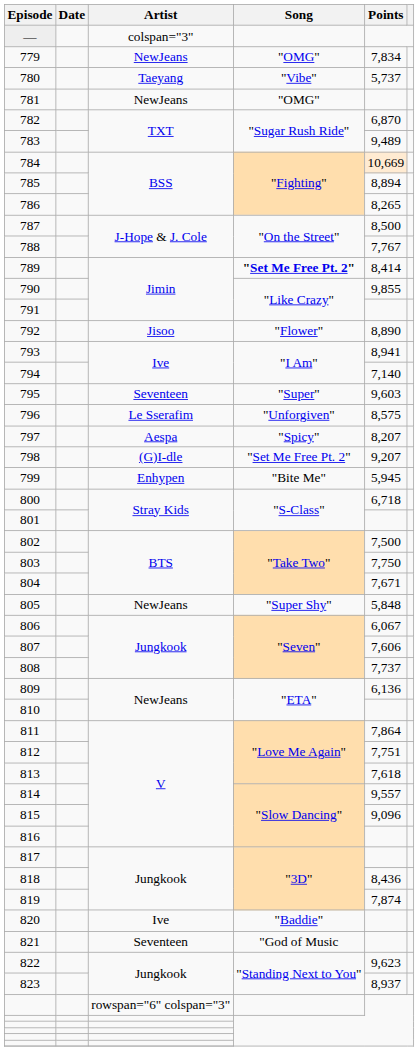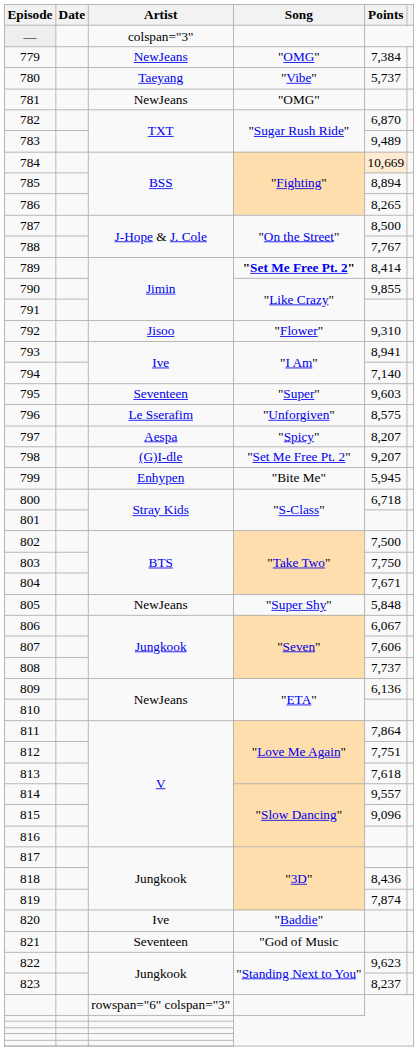 <table class="wikitable sortable plainrowheaders" style=text-align:center>
 <tr>
 <th scope="col">Episode</th>
 <th scope="col">Date</th>
 <th scope="col">Artist</th>
 <th scope="col">Song</th>
 <th scope="col">Points</th>
 <th class="unsortable"></th>
 </tr>
 <tr>
 <td style="background:#eee">—</td>
 <td></td>
 <td>colspan="3" </td>
 <td></td>
 </tr>
 <tr>
 <td>779</td>
 <td></td>
 <td><a href='#'>NewJeans</a></td>
 <td>"<a href='#'>OMG</a>"</td>
-<td>7,834</td>
+<td>7,384</td>
 <td></td>
 </tr>
 <tr>
 <td>780</td>
 <td></td>
 <td><a href='#'>Taeyang</a></td>
 <td>"<a href='#'>Vibe</a>"</td>
 <td>5,737</td>
 <td></td>
 </tr>
 <tr>
 <td>781</td>
 <td></td>
 <td>NewJeans</td>
 <td>"OMG"</td>
 <td></td>
 <td></td>
 </tr>
 <tr>
 <td>782</td>
 <td></td>
 <td rowspan="2"><a href='#'>TXT</a></td>
 <td rowspan="2">"<a href='#'>Sugar Rush Ride</a>"</td>
 <td>6,870</td>
 <td></td>
 </tr>
 <tr>
 <td>783</td>
 <td></td>
 <td>9,489</td>
 <td></td>
 </tr>
 <tr>
 <td>784</td>
 <td></td>
 <td rowspan="3"><a href='#'>BSS</a></td>
 <td rowspan="3" style="background:navajowhite">"<a href='#'>Fighting</a>"</td>
 <td style="background: #ffebd2;">10,669</td>
 <td></td>
 </tr>
 <tr>
 <td>785</td>
 <td></td>
 <td>8,894</td>
 <td></td>
 </tr>
 <tr>
 <td>786</td>
 <td></td>
 <td>8,265</td>
 <td></td>
 </tr>
 <tr>
 <td>787</td>
 <td></td>
 <td rowspan="2"><a href='#'>J-Hope</a> & <a href='#'>J. Cole</a></td>
 <td rowspan="2">"<a href='#'>On the Street</a>"</td>
 <td>8,500</td>
 <td></td>
 </tr>
 <tr>
 <td>788</td>
 <td></td>
 <td>7,767</td>
 <td></td>
 </tr>
 <tr>
 <td>789</td>
 <td></td>
 <td rowspan="3"><a href='#'>Jimin</a></td>
 <td><strong>"<a href='#'>Set Me Free Pt. 2</a>"</strong></td>
 <td>8,414</td>
 <td></td>
 </tr>
 <tr>
 <td>790</td>
 <td></td>
 <td rowspan="2">"<a href='#'>Like Crazy</a>"</td>
 <td>9,855</td>
 <td></td>
 </tr>
 <tr>
 <td>791</td>
 <td></td>
 <td></td>
 <td></td>
 </tr>
 <tr>
 <td>792</td>
 <td></td>
 <td><a href='#'>Jisoo</a></td>
 <td>"<a href='#'>Flower</a>"</td>
-<td>8,890</td>
+<td>9,310</td>
 <td></td>
 </tr>
 <tr>
 <td>793</td>
 <td></td>
 <td rowspan="2"><a href='#'>Ive</a></td>
 <td rowspan="2">"<a href='#'>I Am</a>"</td>
 <td>8,941</td>
 <td></td>
 </tr>
 <tr>
 <td>794</td>
 <td></td>
 <td>7,140</td>
 <td></td>
 </tr>
 <tr>
 <td>795</td>
 <td></td>
 <td><a href='#'>Seventeen</a></td>
 <td>"<a href='#'>Super</a>"</td>
 <td>9,603</td>
 <td></td>
 </tr>
 <tr>
 <td>796</td>
 <td></td>
 <td><a href='#'>Le Sserafim</a></td>
 <td>"<a href='#'>Unforgiven</a>"</td>
 <td>8,575</td>
 <td></td>
 </tr>
 <tr>
 <td>797</td>
 <td></td>
 <td><a href='#'>Aespa</a></td>
 <td>"<a href='#'>Spicy</a>"</td>
 <td>8,207</td>
 <td></td>
 </tr>
 <tr>
 <td>798</td>
 <td></td>
 <td><a href='#'>(G)I-dle</a></td>
 <td>"<a href='#'>Set Me Free Pt. 2</a>"</td>
 <td>9,207</td>
 <td></td>
 </tr>
 <tr>
 <td>799</td>
 <td></td>
 <td><a href='#'>Enhypen</a></td>
 <td>"Bite Me"</td>
 <td>5,945</td>
 <td></td>
 </tr>
 <tr>
 <td>800</td>
 <td></td>
 <td rowspan="2"><a href='#'>Stray Kids</a></td>
 <td rowspan="2">"<a href='#'>S-Class</a>"</td>
 <td>6,718</td>
 <td></td>
 </tr>
 <tr>
 <td>801</td>
 <td></td>
 <td></td>
 <td></td>
 </tr>
 <tr>
 <td>802</td>
 <td></td>
 <td rowspan="3"><a href='#'>BTS</a></td>
 <td rowspan="3" style="background:navajowhite">"<a href='#'>Take Two</a>"</td>
 <td>7,500</td>
 <td></td>
 </tr>
 <tr>
 <td>803</td>
 <td></td>
 <td>7,750</td>
 <td></td>
 </tr>
 <tr>
 <td>804</td>
 <td></td>
 <td>7,671</td>
 <td></td>
 </tr>
 <tr>
 <td>805</td>
 <td></td>
 <td>NewJeans</td>
 <td>"<a href='#'>Super Shy</a>"</td>
 <td>5,848</td>
 <td></td>
 </tr>
 <tr>
 <td>806</td>
 <td></td>
 <td rowspan="3"><a href='#'>Jungkook</a></td>
 <td rowspan="3" style="background:navajowhite">"<a href='#'>Seven</a>"</td>
 <td>6,067</td>
 <td></td>
 </tr>
 <tr>
 <td>807</td>
 <td></td>
 <td>7,606</td>
 <td></td>
 </tr>
 <tr>
 <td>808</td>
 <td></td>
 <td>7,737</td>
 <td></td>
 </tr>
 <tr>
 <td>809</td>
 <td></td>
 <td rowspan="2">NewJeans</td>
 <td rowspan="2">"<a href='#'>ETA</a>"</td>
 <td>6,136</td>
 <td></td>
 </tr>
 <tr>
 <td>810</td>
 <td></td>
 <td></td>
 <td></td>
 </tr>
 <tr>
 <td>811</td>
 <td></td>
 <td rowspan="6"><a href='#'>V</a></td>
 <td rowspan="3" style="background:navajowhite">"<a href='#'>Love Me Again</a>"</td>
 <td>7,864</td>
 <td></td>
 </tr>
 <tr>
 <td>812</td>
 <td></td>
 <td>7,751</td>
 <td></td>
 </tr>
 <tr>
 <td>813</td>
 <td></td>
 <td>7,618</td>
 <td></td>
 </tr>
 <tr>
 <td>814</td>
 <td></td>
 <td rowspan="3" style="background:navajowhite">"<a href='#'>Slow Dancing</a>"</td>
 <td>9,557</td>
 <td></td>
 </tr>
 <tr>
 <td>815</td>
 <td></td>
 <td>9,096</td>
 <td></td>
 </tr>
 <tr>
 <td>816</td>
 <td></td>
 <td></td>
 <td></td>
 </tr>
 <tr>
 <td>817</td>
 <td></td>
 <td rowspan="3">Jungkook</td>
 <td rowspan="3" style="background:navajowhite">"<a href='#'>3D</a>"</td>
 <td></td>
 <td></td>
 </tr>
 <tr>
 <td>818</td>
 <td></td>
 <td>8,436</td>
 <td></td>
 </tr>
 <tr>
 <td>819</td>
 <td></td>
 <td>7,874</td>
 <td></td>
 </tr>
 <tr>
 <td>820</td>
 <td></td>
 <td>Ive</td>
 <td>"<a href='#'>Baddie</a>"</td>
 <td></td>
 <td></td>
 </tr>
 <tr>
 <td>821</td>
 <td></td>
 <td>Seventeen</td>
 <td>"God of Music</td>
 <td></td>
 <td></td>
 </tr>
 <tr>
 <td>822</td>
 <td></td>
 <td rowspan="2">Jungkook</td>
 <td rowspan="2">"<a href='#'>Standing Next to You</a>"</td>
 <td>9,623</td>
 <td></td>
 </tr>
 <tr>
 <td>823</td>
 <td></td>
-<td>8,937</td>
+<td>8,237</td>
 <td></td>
 </tr>
 <tr>
 <td></td>
 <td></td>
 <td>rowspan="6" colspan="3" </td>
 <td></td>
 </tr>
 <tr>
 <td></td>
 <td></td>
 <td></td>
 </tr>
 <tr>
 <td></td>
 <td></td>
 <td></td>
 </tr>
 <tr>
 <td></td>
 <td></td>
 <td></td>
 </tr>
 <tr>
 <td></td>
 <td></td>
 <td></td>
 </tr>
 <tr>
 <td></td>
 <td></td>
 <td></td>
 </tr>
 <tr>
 </tr>
 </table>
